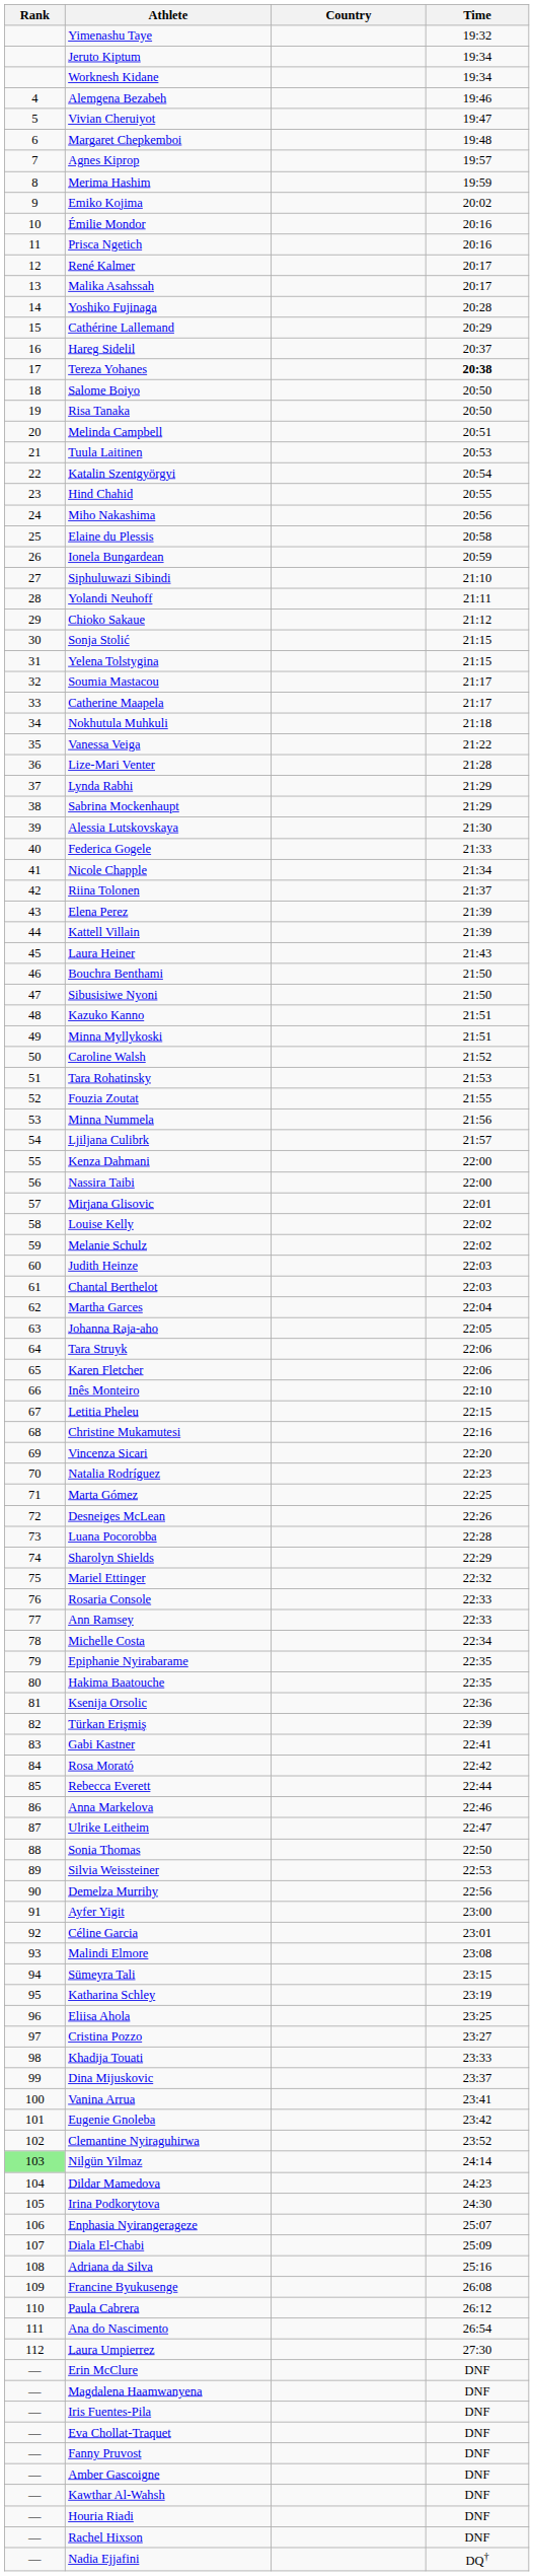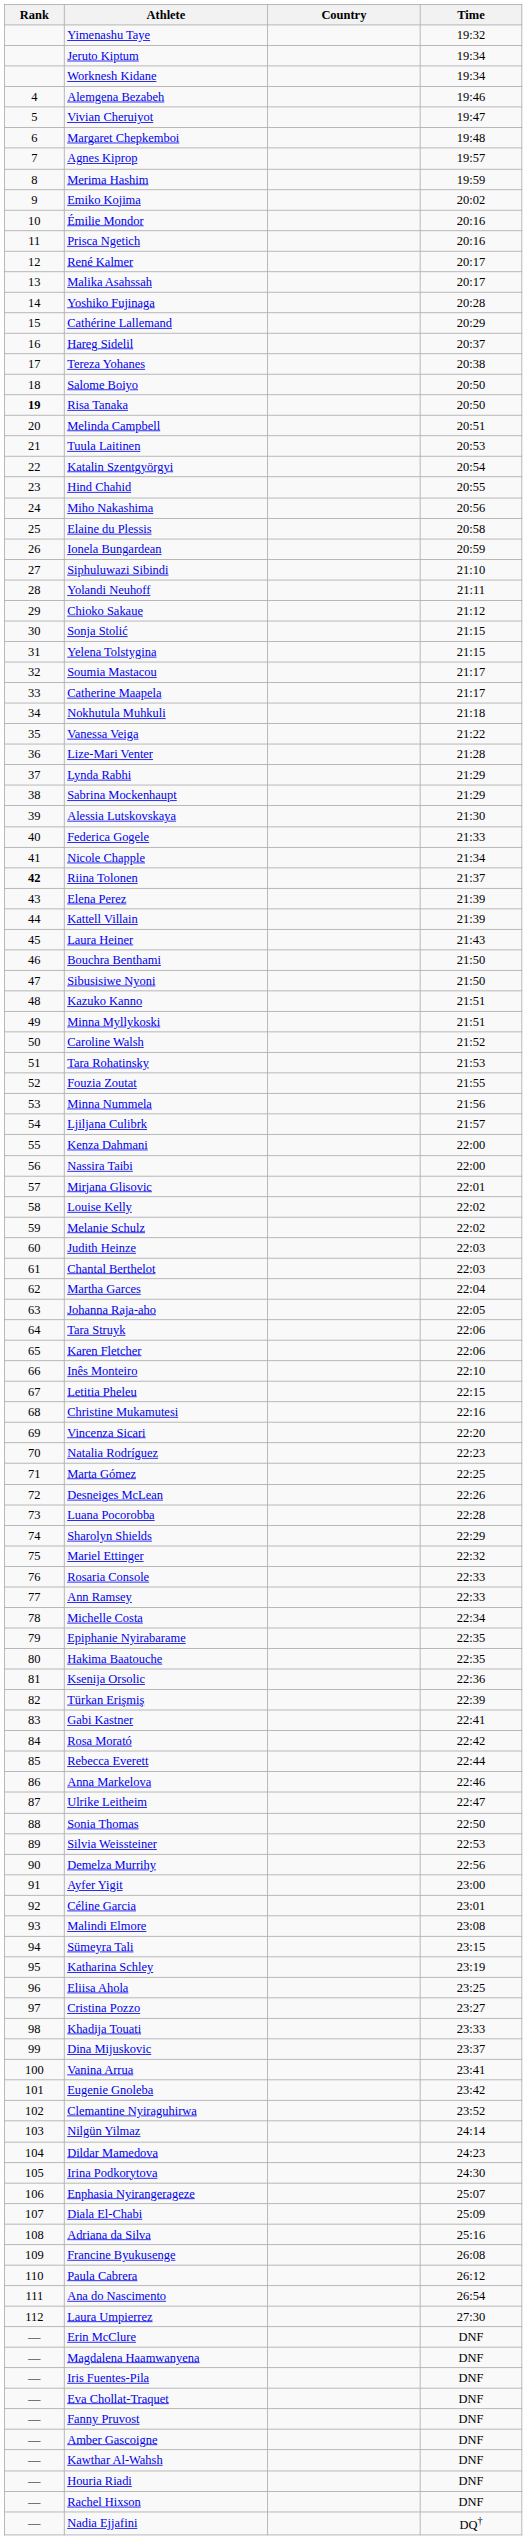 <table class="wikitable sortable" style=" text-align:center; font-size:95%;" width="50%">
 <tr>
 <th width=5%>Rank</th>
 <th width=20%>Athlete</th>
 <th width=15%>Country</th>
 <th width=10%>Time</th>
 </tr>
 <tr>
 <td align=center></td>
 <td align=left><a href='#'>Yimenashu Taye</a></td>
 <td align=left></td>
 <td>19:32</td>
 </tr>
 <tr>
 <td align=center></td>
 <td align=left><a href='#'>Jeruto Kiptum</a></td>
 <td align=left></td>
 <td>19:34</td>
 </tr>
 <tr>
 <td align=center></td>
 <td align=left><a href='#'>Worknesh Kidane</a></td>
 <td align=left></td>
 <td>19:34</td>
 </tr>
 <tr>
 <td align=center>4</td>
 <td align=left><a href='#'>Alemgena Bezabeh</a></td>
 <td align=left></td>
 <td>19:46</td>
 </tr>
 <tr>
 <td align=center>5</td>
 <td align=left><a href='#'>Vivian Cheruiyot</a></td>
 <td align=left></td>
 <td>19:47</td>
 </tr>
 <tr>
 <td align=center>6</td>
 <td align=left><a href='#'>Margaret Chepkemboi</a></td>
 <td align=left></td>
 <td>19:48</td>
 </tr>
 <tr>
 <td align=center>7</td>
 <td align=left><a href='#'>Agnes Kiprop</a></td>
 <td align=left></td>
 <td>19:57</td>
 </tr>
 <tr>
 <td align=center>8</td>
 <td align=left><a href='#'>Merima Hashim</a></td>
 <td align=left></td>
 <td>19:59</td>
 </tr>
 <tr>
 <td align=center>9</td>
 <td align=left><a href='#'>Emiko Kojima</a></td>
 <td align=left></td>
 <td>20:02</td>
 </tr>
 <tr>
 <td align=center>10</td>
 <td align=left><a href='#'>Émilie Mondor</a></td>
 <td align=left></td>
 <td>20:16</td>
 </tr>
 <tr>
 <td align=center>11</td>
 <td align=left><a href='#'>Prisca Ngetich</a></td>
 <td align=left></td>
 <td>20:16</td>
 </tr>
 <tr>
 <td align=center>12</td>
 <td align=left><a href='#'>René Kalmer</a></td>
 <td align=left></td>
 <td>20:17</td>
 </tr>
 <tr>
 <td align=center>13</td>
 <td align=left><a href='#'>Malika Asahssah</a></td>
 <td align=left></td>
 <td>20:17</td>
 </tr>
 <tr>
 <td align=center>14</td>
 <td align=left><a href='#'>Yoshiko Fujinaga</a></td>
 <td align=left></td>
 <td>20:28</td>
 </tr>
 <tr>
 <td align=center>15</td>
 <td align=left><a href='#'>Cathérine Lallemand</a></td>
 <td align=left></td>
 <td>20:29</td>
 </tr>
 <tr>
 <td align=center>16</td>
 <td align=left><a href='#'>Hareg Sidelil</a></td>
 <td align=left></td>
 <td>20:37</td>
 </tr>
 <tr>
 <td align=center>17</td>
 <td align=left><a href='#'>Tereza Yohanes</a></td>
 <td align=left></td>
-<td><strong>20:38</strong></td>
+<td>20:38</td>
 </tr>
 <tr>
 <td align=center>18</td>
 <td align=left><a href='#'>Salome Boiyo</a></td>
 <td align=left></td>
 <td>20:50</td>
 </tr>
 <tr>
-<td align=center>19</td>
+<td align=center><strong>19</strong></td>
 <td align=left><a href='#'>Risa Tanaka</a></td>
 <td align=left></td>
 <td>20:50</td>
 </tr>
 <tr>
 <td align=center>20</td>
 <td align=left><a href='#'>Melinda Campbell</a></td>
 <td align=left></td>
 <td>20:51</td>
 </tr>
 <tr>
 <td align=center>21</td>
 <td align=left><a href='#'>Tuula Laitinen</a></td>
 <td align=left></td>
 <td>20:53</td>
 </tr>
 <tr>
 <td align=center>22</td>
 <td align=left><a href='#'>Katalin Szentgyörgyi</a></td>
 <td align=left></td>
 <td>20:54</td>
 </tr>
 <tr>
 <td align=center>23</td>
 <td align=left><a href='#'>Hind Chahid</a></td>
 <td align=left></td>
 <td>20:55</td>
 </tr>
 <tr>
 <td align=center>24</td>
 <td align=left><a href='#'>Miho Nakashima</a></td>
 <td align=left></td>
 <td>20:56</td>
 </tr>
 <tr>
 <td align=center>25</td>
 <td align=left><a href='#'>Elaine du Plessis</a></td>
 <td align=left></td>
 <td>20:58</td>
 </tr>
 <tr>
 <td align=center>26</td>
 <td align=left><a href='#'>Ionela Bungardean</a></td>
 <td align=left></td>
 <td>20:59</td>
 </tr>
 <tr>
 <td align=center>27</td>
 <td align=left><a href='#'>Siphuluwazi Sibindi</a></td>
 <td align=left></td>
 <td>21:10</td>
 </tr>
 <tr>
 <td align=center>28</td>
 <td align=left><a href='#'>Yolandi Neuhoff</a></td>
 <td align=left></td>
 <td>21:11</td>
 </tr>
 <tr>
 <td align=center>29</td>
 <td align=left><a href='#'>Chioko Sakaue</a></td>
 <td align=left></td>
 <td>21:12</td>
 </tr>
 <tr>
 <td align=center>30</td>
 <td align=left><a href='#'>Sonja Stolić</a></td>
 <td align=left></td>
 <td>21:15</td>
 </tr>
 <tr>
 <td align=center>31</td>
 <td align=left><a href='#'>Yelena Tolstygina</a></td>
 <td align=left></td>
 <td>21:15</td>
 </tr>
 <tr>
 <td align=center>32</td>
 <td align=left><a href='#'>Soumia Mastacou</a></td>
 <td align=left></td>
 <td>21:17</td>
 </tr>
 <tr>
 <td align=center>33</td>
 <td align=left><a href='#'>Catherine Maapela</a></td>
 <td align=left></td>
 <td>21:17</td>
 </tr>
 <tr>
 <td align=center>34</td>
 <td align=left><a href='#'>Nokhutula Muhkuli</a></td>
 <td align=left></td>
 <td>21:18</td>
 </tr>
 <tr>
 <td align=center>35</td>
 <td align=left><a href='#'>Vanessa Veiga</a></td>
 <td align=left></td>
 <td>21:22</td>
 </tr>
 <tr>
 <td align=center>36</td>
 <td align=left><a href='#'>Lize-Mari Venter</a></td>
 <td align=left></td>
 <td>21:28</td>
 </tr>
 <tr>
 <td align=center>37</td>
 <td align=left><a href='#'>Lynda Rabhi</a></td>
 <td align=left></td>
 <td>21:29</td>
 </tr>
 <tr>
 <td align=center>38</td>
 <td align=left><a href='#'>Sabrina Mockenhaupt</a></td>
 <td align=left></td>
 <td>21:29</td>
 </tr>
 <tr>
 <td align=center>39</td>
 <td align=left><a href='#'>Alessia Lutskovskaya</a></td>
 <td align=left></td>
 <td>21:30</td>
 </tr>
 <tr>
 <td align=center>40</td>
 <td align=left><a href='#'>Federica Gogele</a></td>
 <td align=left></td>
 <td>21:33</td>
 </tr>
 <tr>
 <td align=center>41</td>
 <td align=left><a href='#'>Nicole Chapple</a></td>
 <td align=left></td>
 <td>21:34</td>
 </tr>
 <tr>
-<td align=center>42</td>
+<td align=center><strong>42</strong></td>
 <td align=left><a href='#'>Riina Tolonen</a></td>
 <td align=left></td>
 <td>21:37</td>
 </tr>
 <tr>
 <td align=center>43</td>
 <td align=left><a href='#'>Elena Perez</a></td>
 <td align=left></td>
 <td>21:39</td>
 </tr>
 <tr>
 <td align=center>44</td>
 <td align=left><a href='#'>Kattell Villain</a></td>
 <td align=left></td>
 <td>21:39</td>
 </tr>
 <tr>
 <td align=center>45</td>
 <td align=left><a href='#'>Laura Heiner</a></td>
 <td align=left></td>
 <td>21:43</td>
 </tr>
 <tr>
 <td align=center>46</td>
 <td align=left><a href='#'>Bouchra Benthami</a></td>
 <td align=left></td>
 <td>21:50</td>
 </tr>
 <tr>
 <td align=center>47</td>
 <td align=left><a href='#'>Sibusisiwe Nyoni</a></td>
 <td align=left></td>
 <td>21:50</td>
 </tr>
 <tr>
 <td align=center>48</td>
 <td align=left><a href='#'>Kazuko Kanno</a></td>
 <td align=left></td>
 <td>21:51</td>
 </tr>
 <tr>
 <td align=center>49</td>
 <td align=left><a href='#'>Minna Myllykoski</a></td>
 <td align=left></td>
 <td>21:51</td>
 </tr>
 <tr>
 <td align=center>50</td>
 <td align=left><a href='#'>Caroline Walsh</a></td>
 <td align=left></td>
 <td>21:52</td>
 </tr>
 <tr>
 <td align=center>51</td>
 <td align=left><a href='#'>Tara Rohatinsky</a></td>
 <td align=left></td>
 <td>21:53</td>
 </tr>
 <tr>
 <td align=center>52</td>
 <td align=left><a href='#'>Fouzia Zoutat</a></td>
 <td align=left></td>
 <td>21:55</td>
 </tr>
 <tr>
 <td align=center>53</td>
 <td align=left><a href='#'>Minna Nummela</a></td>
 <td align=left></td>
 <td>21:56</td>
 </tr>
 <tr>
 <td align=center>54</td>
 <td align=left><a href='#'>Ljiljana Culibrk</a></td>
 <td align=left></td>
 <td>21:57</td>
 </tr>
 <tr>
 <td align=center>55</td>
 <td align=left><a href='#'>Kenza Dahmani</a></td>
 <td align=left></td>
 <td>22:00</td>
 </tr>
 <tr>
 <td align=center>56</td>
 <td align=left><a href='#'>Nassira Taibi</a></td>
 <td align=left></td>
 <td>22:00</td>
 </tr>
 <tr>
 <td align=center>57</td>
 <td align=left><a href='#'>Mirjana Glisovic</a></td>
 <td align=left></td>
 <td>22:01</td>
 </tr>
 <tr>
 <td align=center>58</td>
 <td align=left><a href='#'>Louise Kelly</a></td>
 <td align=left></td>
 <td>22:02</td>
 </tr>
 <tr>
 <td align=center>59</td>
 <td align=left><a href='#'>Melanie Schulz</a></td>
 <td align=left></td>
 <td>22:02</td>
 </tr>
 <tr>
 <td align=center>60</td>
 <td align=left><a href='#'>Judith Heinze</a></td>
 <td align=left></td>
 <td>22:03</td>
 </tr>
 <tr>
 <td align=center>61</td>
 <td align=left><a href='#'>Chantal Berthelot</a></td>
 <td align=left></td>
 <td>22:03</td>
 </tr>
 <tr>
 <td align=center>62</td>
 <td align=left><a href='#'>Martha Garces</a></td>
 <td align=left></td>
 <td>22:04</td>
 </tr>
 <tr>
 <td align=center>63</td>
 <td align=left><a href='#'>Johanna Raja-aho</a></td>
 <td align=left></td>
 <td>22:05</td>
 </tr>
 <tr>
 <td align=center>64</td>
 <td align=left><a href='#'>Tara Struyk</a></td>
 <td align=left></td>
 <td>22:06</td>
 </tr>
 <tr>
 <td align=center>65</td>
 <td align=left><a href='#'>Karen Fletcher</a></td>
 <td align=left></td>
 <td>22:06</td>
 </tr>
 <tr>
 <td align=center>66</td>
 <td align=left><a href='#'>Inês Monteiro</a></td>
 <td align=left></td>
 <td>22:10</td>
 </tr>
 <tr>
 <td align=center>67</td>
 <td align=left><a href='#'>Letitia Pheleu</a></td>
 <td align=left></td>
 <td>22:15</td>
 </tr>
 <tr>
 <td align=center>68</td>
 <td align=left><a href='#'>Christine Mukamutesi</a></td>
 <td align=left></td>
 <td>22:16</td>
 </tr>
 <tr>
 <td align=center>69</td>
 <td align=left><a href='#'>Vincenza Sicari</a></td>
 <td align=left></td>
 <td>22:20</td>
 </tr>
 <tr>
 <td align=center>70</td>
 <td align=left><a href='#'>Natalia Rodríguez</a></td>
 <td align=left></td>
 <td>22:23</td>
 </tr>
 <tr>
 <td align=center>71</td>
 <td align=left><a href='#'>Marta Gómez</a></td>
 <td align=left></td>
 <td>22:25</td>
 </tr>
 <tr>
 <td align=center>72</td>
 <td align=left><a href='#'>Desneiges McLean</a></td>
 <td align=left></td>
 <td>22:26</td>
 </tr>
 <tr>
 <td align=center>73</td>
 <td align=left><a href='#'>Luana Pocorobba</a></td>
 <td align=left></td>
 <td>22:28</td>
 </tr>
 <tr>
 <td align=center>74</td>
 <td align=left><a href='#'>Sharolyn Shields</a></td>
 <td align=left></td>
 <td>22:29</td>
 </tr>
 <tr>
 <td align=center>75</td>
 <td align=left><a href='#'>Mariel Ettinger</a></td>
 <td align=left></td>
 <td>22:32</td>
 </tr>
 <tr>
 <td align=center>76</td>
 <td align=left><a href='#'>Rosaria Console</a></td>
 <td align=left></td>
 <td>22:33</td>
 </tr>
 <tr>
 <td align=center>77</td>
 <td align=left><a href='#'>Ann Ramsey</a></td>
 <td align=left></td>
 <td>22:33</td>
 </tr>
 <tr>
 <td align=center>78</td>
 <td align=left><a href='#'>Michelle Costa</a></td>
 <td align=left></td>
 <td>22:34</td>
 </tr>
 <tr>
 <td align=center>79</td>
 <td align=left><a href='#'>Epiphanie Nyirabarame</a></td>
 <td align=left></td>
 <td>22:35</td>
 </tr>
 <tr>
 <td align=center>80</td>
 <td align=left><a href='#'>Hakima Baatouche</a></td>
 <td align=left></td>
 <td>22:35</td>
 </tr>
 <tr>
 <td align=center>81</td>
 <td align=left><a href='#'>Ksenija Orsolic</a></td>
 <td align=left></td>
 <td>22:36</td>
 </tr>
 <tr>
 <td align=center>82</td>
 <td align=left><a href='#'>Türkan Erişmiş</a></td>
 <td align=left></td>
 <td>22:39</td>
 </tr>
 <tr>
 <td align=center>83</td>
 <td align=left><a href='#'>Gabi Kastner</a></td>
 <td align=left></td>
 <td>22:41</td>
 </tr>
 <tr>
 <td align=center>84</td>
 <td align=left><a href='#'>Rosa Morató</a></td>
 <td align=left></td>
 <td>22:42</td>
 </tr>
 <tr>
 <td align=center>85</td>
 <td align=left><a href='#'>Rebecca Everett</a></td>
 <td align=left></td>
 <td>22:44</td>
 </tr>
 <tr>
 <td align=center>86</td>
 <td align=left><a href='#'>Anna Markelova</a></td>
 <td align=left></td>
 <td>22:46</td>
 </tr>
 <tr>
 <td align=center>87</td>
 <td align=left><a href='#'>Ulrike Leitheim</a></td>
 <td align=left></td>
 <td>22:47</td>
 </tr>
 <tr>
 <td align=center>88</td>
 <td align=left><a href='#'>Sonia Thomas</a></td>
 <td align=left></td>
 <td>22:50</td>
 </tr>
 <tr>
 <td align=center>89</td>
 <td align=left><a href='#'>Silvia Weissteiner</a></td>
 <td align=left></td>
 <td>22:53</td>
 </tr>
 <tr>
 <td align=center>90</td>
 <td align=left><a href='#'>Demelza Murrihy</a></td>
 <td align=left></td>
 <td>22:56</td>
 </tr>
 <tr>
 <td align=center>91</td>
 <td align=left><a href='#'>Ayfer Yigit</a></td>
 <td align=left></td>
 <td>23:00</td>
 </tr>
 <tr>
 <td align=center>92</td>
 <td align=left><a href='#'>Céline Garcia</a></td>
 <td align=left></td>
 <td>23:01</td>
 </tr>
 <tr>
 <td align=center>93</td>
 <td align=left><a href='#'>Malindi Elmore</a></td>
 <td align=left></td>
 <td>23:08</td>
 </tr>
 <tr>
 <td align=center>94</td>
 <td align=left><a href='#'>Sümeyra Tali</a></td>
 <td align=left></td>
 <td>23:15</td>
 </tr>
 <tr>
 <td align=center>95</td>
 <td align=left><a href='#'>Katharina Schley</a></td>
 <td align=left></td>
 <td>23:19</td>
 </tr>
 <tr>
 <td align=center>96</td>
 <td align=left><a href='#'>Eliisa Ahola</a></td>
 <td align=left></td>
 <td>23:25</td>
 </tr>
 <tr>
 <td align=center>97</td>
 <td align=left><a href='#'>Cristina Pozzo</a></td>
 <td align=left></td>
 <td>23:27</td>
 </tr>
 <tr>
 <td align=center>98</td>
 <td align=left><a href='#'>Khadija Touati</a></td>
 <td align=left></td>
 <td>23:33</td>
 </tr>
 <tr>
 <td align=center>99</td>
 <td align=left><a href='#'>Dina Mijuskovic</a></td>
 <td align=left></td>
 <td>23:37</td>
 </tr>
 <tr>
 <td align=center>100</td>
 <td align=left><a href='#'>Vanina Arrua</a></td>
 <td align=left></td>
 <td>23:41</td>
 </tr>
 <tr>
 <td align=center>101</td>
 <td align=left><a href='#'>Eugenie Gnoleba</a></td>
 <td align=left></td>
 <td>23:42</td>
 </tr>
 <tr>
 <td align=center>102</td>
 <td align=left><a href='#'>Clemantine Nyiraguhirwa</a></td>
 <td align=left></td>
 <td>23:52</td>
 </tr>
 <tr>
-<td align=center style="background: lightgreen;">103</td>
+<td align=center>103</td>
 <td align=left><a href='#'>Nilgün Yilmaz</a></td>
 <td align=left></td>
 <td>24:14</td>
 </tr>
 <tr>
 <td align=center>104</td>
 <td align=left><a href='#'>Dildar Mamedova</a></td>
 <td align=left></td>
 <td>24:23</td>
 </tr>
 <tr>
 <td align=center>105</td>
 <td align=left><a href='#'>Irina Podkorytova</a></td>
 <td align=left></td>
 <td>24:30</td>
 </tr>
 <tr>
 <td align=center>106</td>
 <td align=left><a href='#'>Enphasia Nyirangerageze</a></td>
 <td align=left></td>
 <td>25:07</td>
 </tr>
 <tr>
 <td align=center>107</td>
 <td align=left><a href='#'>Diala El-Chabi</a></td>
 <td align=left></td>
 <td>25:09</td>
 </tr>
 <tr>
 <td align=center>108</td>
 <td align=left><a href='#'>Adriana da Silva</a></td>
 <td align=left></td>
 <td>25:16</td>
 </tr>
 <tr>
 <td align=center>109</td>
 <td align=left><a href='#'>Francine Byukusenge</a></td>
 <td align=left></td>
 <td>26:08</td>
 </tr>
 <tr>
 <td align=center>110</td>
 <td align=left><a href='#'>Paula Cabrera</a></td>
 <td align=left></td>
 <td>26:12</td>
 </tr>
 <tr>
 <td align=center>111</td>
 <td align=left><a href='#'>Ana do Nascimento</a></td>
 <td align=left></td>
 <td>26:54</td>
 </tr>
 <tr>
 <td align=center>112</td>
 <td align=left><a href='#'>Laura Umpierrez</a></td>
 <td align=left></td>
 <td>27:30</td>
 </tr>
 <tr>
 <td align=center>—</td>
 <td align=left><a href='#'>Erin McClure</a></td>
 <td align=left></td>
 <td>DNF</td>
 </tr>
 <tr>
 <td align=center>—</td>
 <td align=left><a href='#'>Magdalena Haamwanyena</a></td>
 <td align=left></td>
 <td>DNF</td>
 </tr>
 <tr>
 <td align=center>—</td>
 <td align=left><a href='#'>Iris Fuentes-Pila</a></td>
 <td align=left></td>
 <td>DNF</td>
 </tr>
 <tr>
 <td align=center>—</td>
 <td align=left><a href='#'>Eva Chollat-Traquet</a></td>
 <td align=left></td>
 <td>DNF</td>
 </tr>
 <tr>
 <td align=center>—</td>
 <td align=left><a href='#'>Fanny Pruvost</a></td>
 <td align=left></td>
 <td>DNF</td>
 </tr>
 <tr>
 <td align=center>—</td>
 <td align=left><a href='#'>Amber Gascoigne</a></td>
 <td align=left></td>
 <td>DNF</td>
 </tr>
 <tr>
 <td align=center>—</td>
 <td align=left><a href='#'>Kawthar Al-Wahsh</a></td>
 <td align=left></td>
 <td>DNF</td>
 </tr>
 <tr>
 <td align=center>—</td>
 <td align=left><a href='#'>Houria Riadi</a></td>
 <td align=left></td>
 <td>DNF</td>
 </tr>
 <tr>
 <td align=center>—</td>
 <td align=left><a href='#'>Rachel Hixson</a></td>
 <td align=left></td>
 <td>DNF</td>
 </tr>
 <tr>
 <td align=center>—</td>
 <td align=left><a href='#'>Nadia Ejjafini</a></td>
 <td align=left></td>
 <td>DQ<sup>†</sup></td>
 </tr>
 </table>
